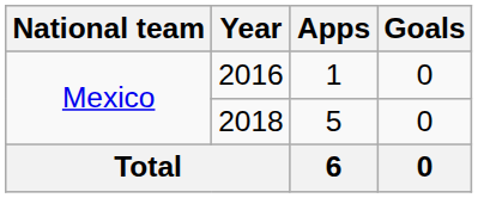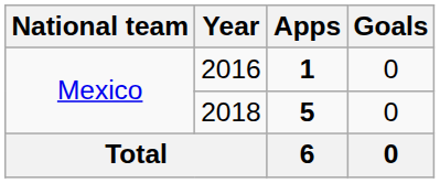 <table class="wikitable" style="text-align: center;">
 <tr>
 <th>National team</th>
 <th>Year</th>
 <th>Apps</th>
 <th>Goals</th>
 </tr>
 <tr>
 <td rowspan="2" valign="center"><a href='#'>Mexico</a></td>
 <td>2016</td>
-<td>1</td>
+<td><strong>1</strong></td>
 <td>0</td>
 </tr>
 <tr>
 <td>2018</td>
-<td>5</td>
+<td><strong>5</strong></td>
 <td>0</td>
 </tr>
 <tr>
 <th colspan="2">Total</th>
 <th>6</th>
 <th>0</th>
 </tr>
 </table>
